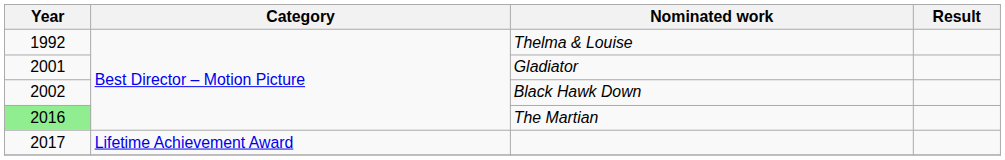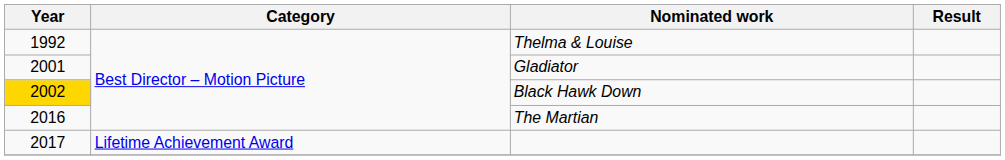 <table class=wikitable>
 <tr>
 <th scope="col" style="width:5em;">Year</th>
 <th scope="col" style="width:26em;">Category</th>
 <th scope="col" style="width:25em;">Nominated work</th>
 <th scope="col" style="width:5em;">Result</th>
 </tr>
 <tr>
 <td style="text-align:center;">1992</td>
 <td rowspan=4><a href='#'>Best Director – Motion Picture</a></td>
 <td><em>Thelma & Louise</em></td>
 <td></td>
 </tr>
 <tr>
 <td style="text-align:center;">2001</td>
 <td><em>Gladiator</em></td>
 <td></td>
 </tr>
 <tr>
-<td style="text-align:center;">2002</td>
+<td style="background: gold; text-align:center;">2002</td>
 <td><em>Black Hawk Down</em></td>
 <td></td>
 </tr>
 <tr>
-<td style="background: lightgreen; text-align:center;">2016</td>
+<td style="text-align:center;">2016</td>
 <td><em>The Martian</em></td>
 <td></td>
 </tr>
 <tr>
 <td style="text-align:center;">2017</td>
 <td><a href='#'>Lifetime Achievement Award</a></td>
 <td></td>
 <td></td>
 </tr>
 <tr>
 </tr>
 </table>
